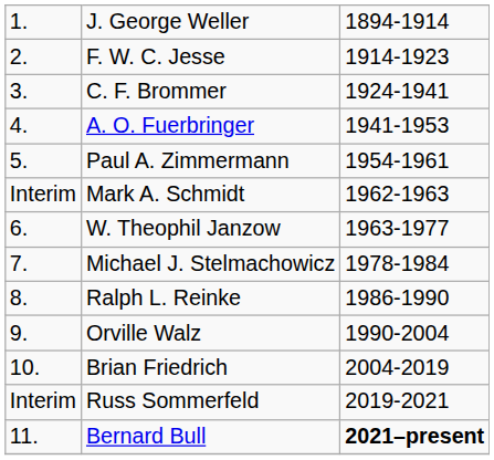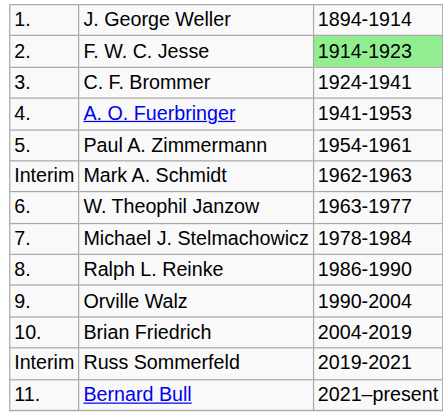 <table class="wikitable" style="float:right; clear:right; margin:0 0 1em 1em;">
 <tr>
 <td>1.</td>
 <td>J. George Weller</td>
 <td>1894-1914</td>
 </tr>
 <tr>
 <td>2.</td>
 <td>F. W. C. Jesse</td>
-<td>1914-1923</td>
+<td style="background: lightgreen;">1914-1923</td>
 </tr>
 <tr>
 <td>3.</td>
 <td>C. F. Brommer</td>
 <td>1924-1941</td>
 </tr>
 <tr>
 <td>4.</td>
 <td><a href='#'>A. O. Fuerbringer</a></td>
 <td>1941-1953</td>
 </tr>
 <tr>
 <td>5.</td>
 <td>Paul A. Zimmermann</td>
 <td>1954-1961</td>
 </tr>
 <tr>
 <td>Interim</td>
 <td>Mark A. Schmidt</td>
 <td>1962-1963</td>
 </tr>
 <tr>
 <td>6.</td>
 <td>W. Theophil Janzow</td>
 <td>1963-1977</td>
 </tr>
 <tr>
 <td>7.</td>
 <td>Michael J. Stelmachowicz</td>
 <td>1978-1984</td>
 </tr>
 <tr>
 <td>8.</td>
 <td>Ralph L. Reinke</td>
 <td>1986-1990</td>
 </tr>
 <tr>
 <td>9.</td>
 <td>Orville Walz</td>
 <td>1990-2004</td>
 </tr>
 <tr>
 <td>10.</td>
 <td>Brian Friedrich</td>
 <td>2004-2019</td>
 </tr>
 <tr>
 <td>Interim</td>
 <td>Russ Sommerfeld</td>
 <td>2019-2021</td>
 </tr>
 <tr>
 <td>11.</td>
 <td><a href='#'>Bernard Bull</a></td>
-<td><strong>2021–present</strong></td>
+<td>2021–present</td>
 </tr>
 <tr>
 </tr>
 </table>
